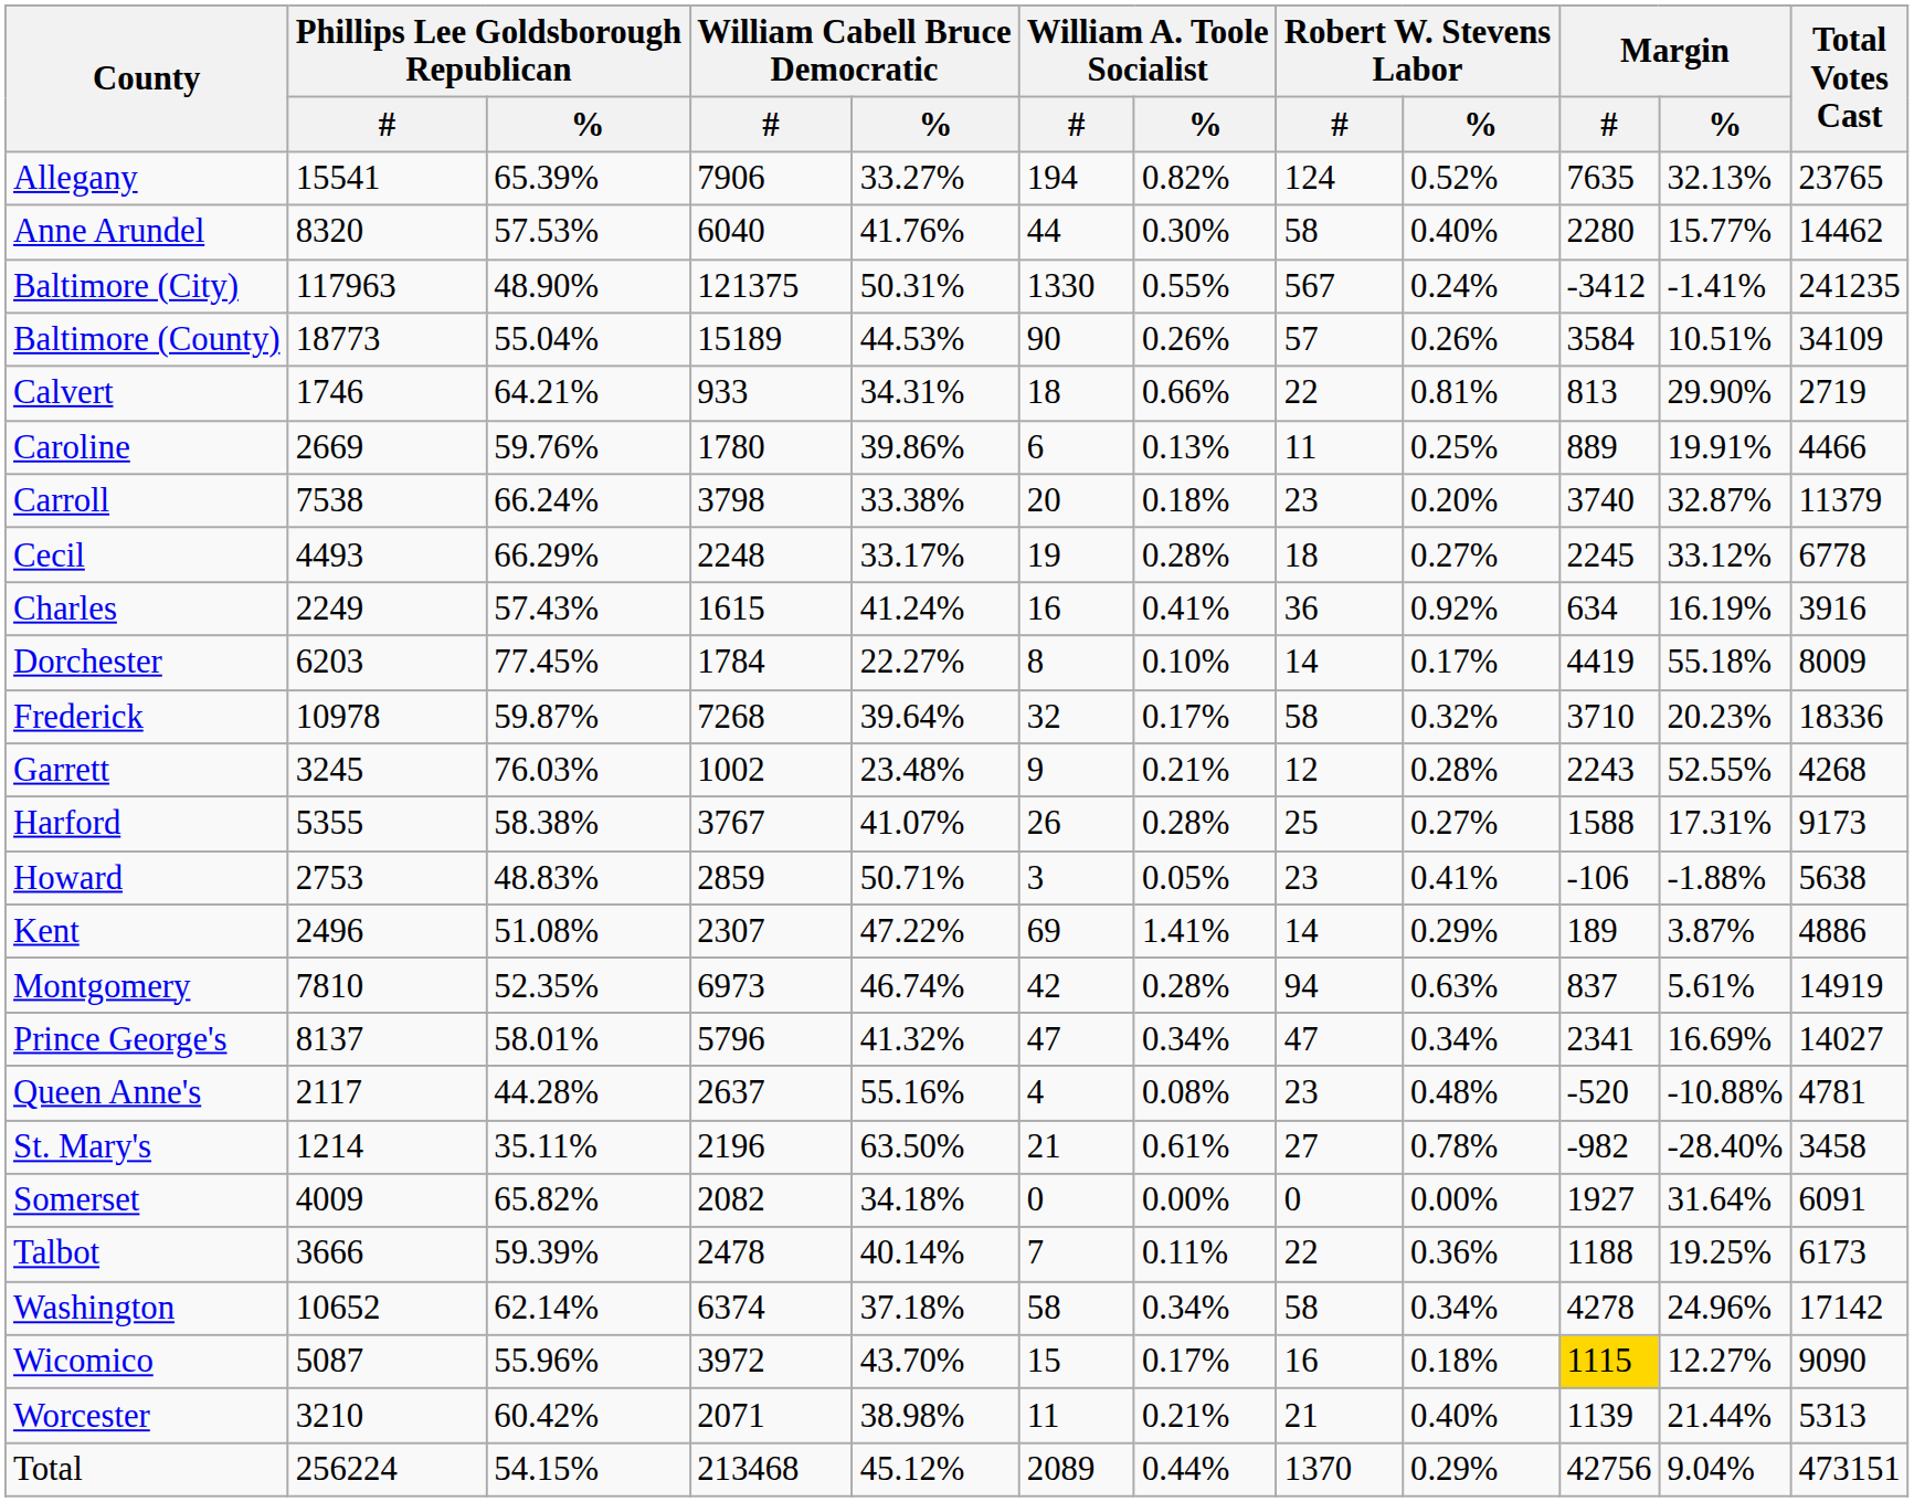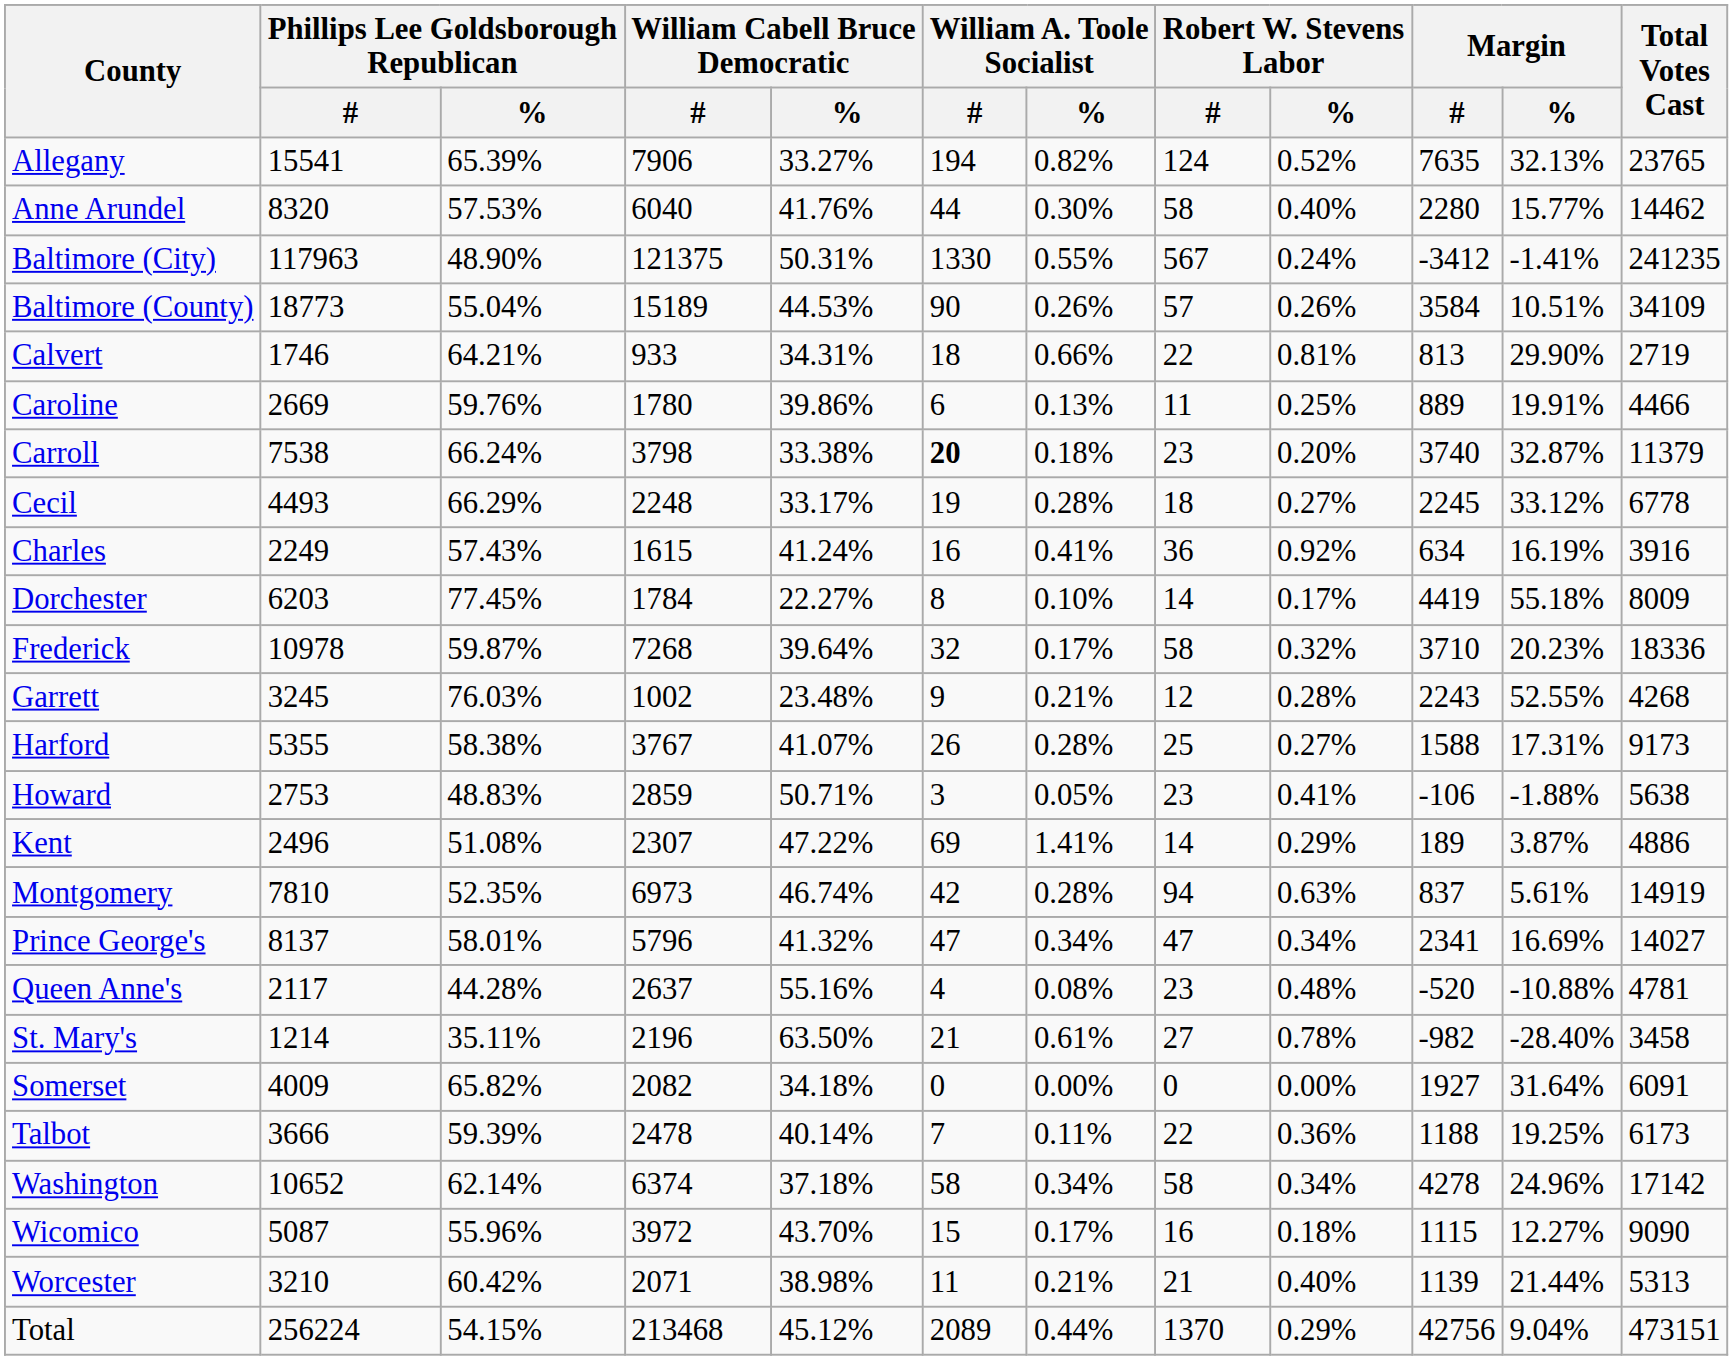 <table class="wikitable sortable">
 <tr>
 <th rowspan="2">County</th>
 <th colspan="2" >Phillips Lee Goldsborough<br>Republican</th>
 <th colspan="2" >William Cabell Bruce<br>Democratic</th>
 <th colspan="2" >William A. Toole<br>Socialist</th>
 <th colspan="2" >Robert W. Stevens<br>Labor</th>
 <th colspan="2">Margin</th>
 <th rowspan="2">Total<br>Votes<br>Cast</th>
 </tr>
 <tr>
 <th>#</th>
 <th>%</th>
 <th>#</th>
 <th>%</th>
 <th>#</th>
 <th>%</th>
 <th>#</th>
 <th>%</th>
 <th>#</th>
 <th>%</th>
 </tr>
 <tr>
 <td><a href='#'>Allegany</a></td>
 <td>15541</td>
 <td>65.39%</td>
 <td>7906</td>
 <td>33.27%</td>
 <td>194</td>
 <td>0.82%</td>
 <td>124</td>
 <td>0.52%</td>
 <td>7635</td>
 <td>32.13%</td>
 <td>23765</td>
 </tr>
 <tr>
 <td><a href='#'>Anne Arundel</a></td>
 <td>8320</td>
 <td>57.53%</td>
 <td>6040</td>
 <td>41.76%</td>
 <td>44</td>
 <td>0.30%</td>
 <td>58</td>
 <td>0.40%</td>
 <td>2280</td>
 <td>15.77%</td>
 <td>14462</td>
 </tr>
 <tr>
 <td><a href='#'>Baltimore (City)</a></td>
 <td>117963</td>
 <td>48.90%</td>
 <td>121375</td>
 <td>50.31%</td>
 <td>1330</td>
 <td>0.55%</td>
 <td>567</td>
 <td>0.24%</td>
 <td>-3412</td>
 <td>-1.41%</td>
 <td>241235</td>
 </tr>
 <tr>
 <td><a href='#'>Baltimore (County)</a></td>
 <td>18773</td>
 <td>55.04%</td>
 <td>15189</td>
 <td>44.53%</td>
 <td>90</td>
 <td>0.26%</td>
 <td>57</td>
 <td>0.26%</td>
 <td>3584</td>
 <td>10.51%</td>
 <td>34109</td>
 </tr>
 <tr>
 <td><a href='#'>Calvert</a></td>
 <td>1746</td>
 <td>64.21%</td>
 <td>933</td>
 <td>34.31%</td>
 <td>18</td>
 <td>0.66%</td>
 <td>22</td>
 <td>0.81%</td>
 <td>813</td>
 <td>29.90%</td>
 <td>2719</td>
 </tr>
 <tr>
 <td><a href='#'>Caroline</a></td>
 <td>2669</td>
 <td>59.76%</td>
 <td>1780</td>
 <td>39.86%</td>
 <td>6</td>
 <td>0.13%</td>
 <td>11</td>
 <td>0.25%</td>
 <td>889</td>
 <td>19.91%</td>
 <td>4466</td>
 </tr>
 <tr>
 <td><a href='#'>Carroll</a></td>
 <td>7538</td>
 <td>66.24%</td>
 <td>3798</td>
 <td>33.38%</td>
-<td>20</td>
+<td><strong>20</strong></td>
 <td>0.18%</td>
 <td>23</td>
 <td>0.20%</td>
 <td>3740</td>
 <td>32.87%</td>
 <td>11379</td>
 </tr>
 <tr>
 <td><a href='#'>Cecil</a></td>
 <td>4493</td>
 <td>66.29%</td>
 <td>2248</td>
 <td>33.17%</td>
 <td>19</td>
 <td>0.28%</td>
 <td>18</td>
 <td>0.27%</td>
 <td>2245</td>
 <td>33.12%</td>
 <td>6778</td>
 </tr>
 <tr>
 <td><a href='#'>Charles</a></td>
 <td>2249</td>
 <td>57.43%</td>
 <td>1615</td>
 <td>41.24%</td>
 <td>16</td>
 <td>0.41%</td>
 <td>36</td>
 <td>0.92%</td>
 <td>634</td>
 <td>16.19%</td>
 <td>3916</td>
 </tr>
 <tr>
 <td><a href='#'>Dorchester</a></td>
 <td>6203</td>
 <td>77.45%</td>
 <td>1784</td>
 <td>22.27%</td>
 <td>8</td>
 <td>0.10%</td>
 <td>14</td>
 <td>0.17%</td>
 <td>4419</td>
 <td>55.18%</td>
 <td>8009</td>
 </tr>
 <tr>
 <td><a href='#'>Frederick</a></td>
 <td>10978</td>
 <td>59.87%</td>
 <td>7268</td>
 <td>39.64%</td>
 <td>32</td>
 <td>0.17%</td>
 <td>58</td>
 <td>0.32%</td>
 <td>3710</td>
 <td>20.23%</td>
 <td>18336</td>
 </tr>
 <tr>
 <td><a href='#'>Garrett</a></td>
 <td>3245</td>
 <td>76.03%</td>
 <td>1002</td>
 <td>23.48%</td>
 <td>9</td>
 <td>0.21%</td>
 <td>12</td>
 <td>0.28%</td>
 <td>2243</td>
 <td>52.55%</td>
 <td>4268</td>
 </tr>
 <tr>
 <td><a href='#'>Harford</a></td>
 <td>5355</td>
 <td>58.38%</td>
 <td>3767</td>
 <td>41.07%</td>
 <td>26</td>
 <td>0.28%</td>
 <td>25</td>
 <td>0.27%</td>
 <td>1588</td>
 <td>17.31%</td>
 <td>9173</td>
 </tr>
 <tr>
 <td><a href='#'>Howard</a></td>
 <td>2753</td>
 <td>48.83%</td>
 <td>2859</td>
 <td>50.71%</td>
 <td>3</td>
 <td>0.05%</td>
 <td>23</td>
 <td>0.41%</td>
 <td>-106</td>
 <td>-1.88%</td>
 <td>5638</td>
 </tr>
 <tr>
 <td><a href='#'>Kent</a></td>
 <td>2496</td>
 <td>51.08%</td>
 <td>2307</td>
 <td>47.22%</td>
 <td>69</td>
 <td>1.41%</td>
 <td>14</td>
 <td>0.29%</td>
 <td>189</td>
 <td>3.87%</td>
 <td>4886</td>
 </tr>
 <tr>
 <td><a href='#'>Montgomery</a></td>
 <td>7810</td>
 <td>52.35%</td>
 <td>6973</td>
 <td>46.74%</td>
 <td>42</td>
 <td>0.28%</td>
 <td>94</td>
 <td>0.63%</td>
 <td>837</td>
 <td>5.61%</td>
 <td>14919</td>
 </tr>
 <tr>
 <td><a href='#'>Prince George's</a></td>
 <td>8137</td>
 <td>58.01%</td>
 <td>5796</td>
 <td>41.32%</td>
 <td>47</td>
 <td>0.34%</td>
 <td>47</td>
 <td>0.34%</td>
 <td>2341</td>
 <td>16.69%</td>
 <td>14027</td>
 </tr>
 <tr>
 <td><a href='#'>Queen Anne's</a></td>
 <td>2117</td>
 <td>44.28%</td>
 <td>2637</td>
 <td>55.16%</td>
 <td>4</td>
 <td>0.08%</td>
 <td>23</td>
 <td>0.48%</td>
 <td>-520</td>
 <td>-10.88%</td>
 <td>4781</td>
 </tr>
 <tr>
 <td><a href='#'>St. Mary's</a></td>
 <td>1214</td>
 <td>35.11%</td>
 <td>2196</td>
 <td>63.50%</td>
 <td>21</td>
 <td>0.61%</td>
 <td>27</td>
 <td>0.78%</td>
 <td>-982</td>
 <td>-28.40%</td>
 <td>3458</td>
 </tr>
 <tr>
 <td><a href='#'>Somerset</a></td>
 <td>4009</td>
 <td>65.82%</td>
 <td>2082</td>
 <td>34.18%</td>
 <td>0</td>
 <td>0.00%</td>
 <td>0</td>
 <td>0.00%</td>
 <td>1927</td>
 <td>31.64%</td>
 <td>6091</td>
 </tr>
 <tr>
 <td><a href='#'>Talbot</a></td>
 <td>3666</td>
 <td>59.39%</td>
 <td>2478</td>
 <td>40.14%</td>
 <td>7</td>
 <td>0.11%</td>
 <td>22</td>
 <td>0.36%</td>
 <td>1188</td>
 <td>19.25%</td>
 <td>6173</td>
 </tr>
 <tr>
 <td><a href='#'>Washington</a></td>
 <td>10652</td>
 <td>62.14%</td>
 <td>6374</td>
 <td>37.18%</td>
 <td>58</td>
 <td>0.34%</td>
 <td>58</td>
 <td>0.34%</td>
 <td>4278</td>
 <td>24.96%</td>
 <td>17142</td>
 </tr>
 <tr>
 <td><a href='#'>Wicomico</a></td>
 <td>5087</td>
 <td>55.96%</td>
 <td>3972</td>
 <td>43.70%</td>
 <td>15</td>
 <td>0.17%</td>
 <td>16</td>
 <td>0.18%</td>
-<td style="background: gold;">1115</td>
+<td>1115</td>
 <td>12.27%</td>
 <td>9090</td>
 </tr>
 <tr>
 <td><a href='#'>Worcester</a></td>
 <td>3210</td>
 <td>60.42%</td>
 <td>2071</td>
 <td>38.98%</td>
 <td>11</td>
 <td>0.21%</td>
 <td>21</td>
 <td>0.40%</td>
 <td>1139</td>
 <td>21.44%</td>
 <td>5313</td>
 </tr>
 <tr>
 <td>Total</td>
 <td>256224</td>
 <td>54.15%</td>
 <td>213468</td>
 <td>45.12%</td>
 <td>2089</td>
 <td>0.44%</td>
 <td>1370</td>
 <td>0.29%</td>
 <td>42756</td>
 <td>9.04%</td>
 <td>473151</td>
 </tr>
 </table>
